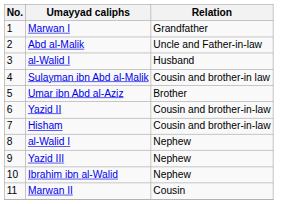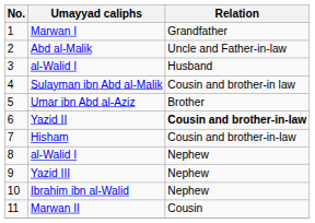 <table class="wikitable" border="2">
 <tr>
 <th>No.</th>
 <th>Umayyad caliphs</th>
 <th>Relation</th>
 </tr>
 <tr>
 <td>1</td>
 <td><a href='#'>Marwan I</a></td>
 <td>Grandfather</td>
 </tr>
 <tr>
 <td>2</td>
 <td><a href='#'>Abd al-Malik</a></td>
 <td>Uncle and Father-in-law</td>
 </tr>
 <tr>
 <td>3</td>
 <td><a href='#'>al-Walid I</a></td>
 <td>Husband</td>
 </tr>
 <tr>
 <td>4</td>
 <td><a href='#'>Sulayman ibn Abd al-Malik</a></td>
 <td>Cousin and brother-in law</td>
 </tr>
 <tr>
 <td>5</td>
 <td><a href='#'>Umar ibn Abd al-Aziz</a></td>
 <td>Brother</td>
 </tr>
 <tr>
 <td>6</td>
 <td><a href='#'>Yazid II</a></td>
-<td>Cousin and brother-in-law</td>
+<td><strong>Cousin and brother-in-law</strong></td>
 </tr>
 <tr>
 <td>7</td>
 <td><a href='#'>Hisham</a></td>
 <td>Cousin and brother-in-law</td>
 </tr>
 <tr>
 <td>8</td>
 <td><a href='#'>al-Walid I</a></td>
 <td>Nephew</td>
 </tr>
 <tr>
 <td>9</td>
 <td><a href='#'>Yazid III</a></td>
 <td>Nephew</td>
 </tr>
 <tr>
 <td>10</td>
 <td><a href='#'>Ibrahim ibn al-Walid</a></td>
 <td>Nephew</td>
 </tr>
 <tr>
 <td>11</td>
 <td><a href='#'>Marwan II</a></td>
 <td>Cousin</td>
 </tr>
 <tr>
 </tr>
 </table>
